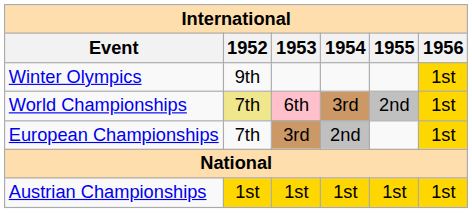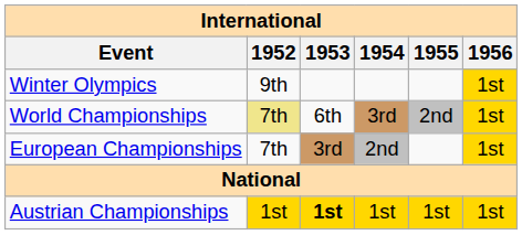 <table class="wikitable" style="text-align:center">
 <tr>
 <th style="background-color: #ffdead; " colspan=6 align=center>International</th>
 </tr>
 <tr>
 <th>Event</th>
 <th>1952</th>
 <th>1953</th>
 <th>1954</th>
 <th>1955</th>
 <th>1956</th>
 </tr>
 <tr>
 <td align=left><a href='#'>Winter Olympics</a></td>
 <td>9th</td>
 <td></td>
 <td></td>
 <td></td>
 <td bgcolor=gold>1st</td>
 </tr>
 <tr>
 <td align=left><a href='#'>World Championships</a></td>
 <td style="background: khaki;">7th</td>
-<td style="background: pink;">6th</td>
+<td>6th</td>
 <td bgcolor=cc9966>3rd</td>
 <td bgcolor=silver>2nd</td>
 <td bgcolor=gold>1st</td>
 </tr>
 <tr>
 <td align=left><a href='#'>European Championships</a></td>
 <td>7th</td>
 <td bgcolor=cc9966>3rd</td>
 <td bgcolor=silver>2nd</td>
 <td></td>
 <td bgcolor=gold>1st</td>
 </tr>
 <tr>
 <th style="background-color: #ffdead; " colspan=6 align=center>National</th>
 </tr>
 <tr>
 <td align=left><a href='#'>Austrian Championships</a></td>
 <td bgcolor=gold>1st</td>
-<td bgcolor=gold>1st</td>
+<td bgcolor=gold><strong>1st</strong></td>
 <td bgcolor=gold>1st</td>
 <td bgcolor=gold>1st</td>
 <td bgcolor=gold>1st</td>
 </tr>
 </table>
